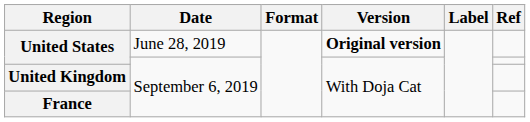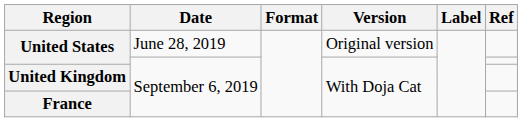 <table class="wikitable plainrowheaders">
 <tr>
 <th>Region</th>
 <th>Date</th>
 <th>Format</th>
 <th>Version</th>
 <th>Label</th>
 <th>Ref</th>
 </tr>
 <tr>
 <th scope="row" rowspan="2">United States</th>
 <td>June 28, 2019</td>
 <td rowspan="4"></td>
-<td><strong>Original version</strong></td>
+<td>Original version</td>
 <td rowspan="4"></td>
 <td></td>
 </tr>
 <tr>
 <td rowspan="3">September 6, 2019</td>
 <td rowspan="3">With Doja Cat</td>
 <td></td>
 </tr>
 <tr>
 <th scope="row">United Kingdom</th>
 <td></td>
 </tr>
 <tr>
 <th scope="row">France</th>
 <td></td>
 </tr>
 </table>
